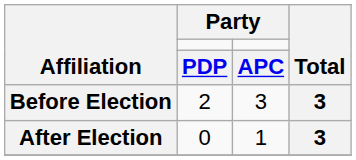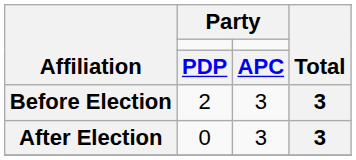 <table class=wikitable style="text-align:center">
 <tr style="vertical-align:bottom;">
 <th rowspan=3>Affiliation</th>
 <th colspan=2>Party</th>
 <th rowspan=3>Total</th>
 </tr>
 <tr>
 <td style="background-color:"></td>
 <td style="background-color:"></td>
 </tr>
 <tr>
 <th><a href='#'>PDP</a></th>
 <th><a href='#'>APC</a></th>
 </tr>
 <tr>
 <th>Before Election</th>
 <td>2</td>
 <td>3</td>
 <th>3</th>
 </tr>
 <tr>
 <th>After Election</th>
 <td>0</td>
-<td>1</td>
+<td>3</td>
 <th>3</th>
 </tr>
 <tr>
 </tr>
 </table>
